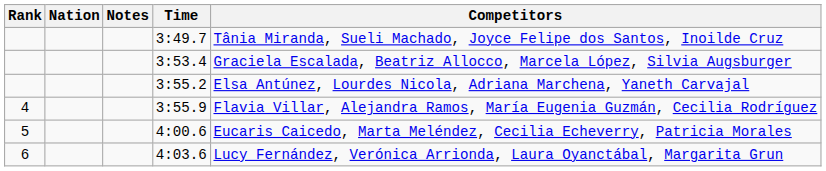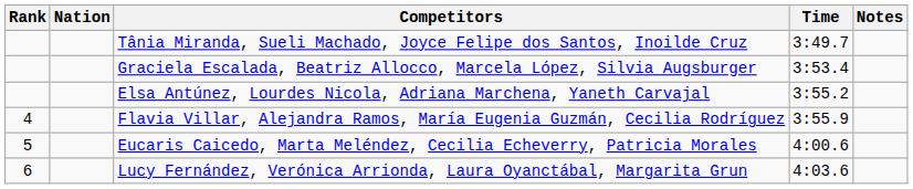 <table class="wikitable sortable" style="text-align:center">
 <tr>
 <th>Rank</th>
 <th>Nation</th>
+<th>Competitors</th>
+<th>Time</th>
 <th>Notes</th>
-<th>Time</th>
-<th>Competitors</th>
 </tr>
 <tr>
 <td></td>
 <td align=left></td>
+<td align=left><a href='#'>Tânia Miranda</a>, <a href='#'>Sueli Machado</a>, <a href='#'>Joyce Felipe dos Santos</a>, <a href='#'>Inoilde Cruz</a></td>
+<td>3:49.7</td>
 <td></td>
-<td>3:49.7</td>
-<td align=left><a href='#'>Tânia Miranda</a>, <a href='#'>Sueli Machado</a>, <a href='#'>Joyce Felipe dos Santos</a>, <a href='#'>Inoilde Cruz</a></td>
 </tr>
 <tr>
 <td></td>
 <td align=left></td>
+<td align=left><a href='#'>Graciela Escalada</a>, <a href='#'>Beatriz Allocco</a>, <a href='#'>Marcela López</a>, <a href='#'>Silvia Augsburger</a></td>
+<td>3:53.4</td>
 <td></td>
-<td>3:53.4</td>
-<td align=left><a href='#'>Graciela Escalada</a>, <a href='#'>Beatriz Allocco</a>, <a href='#'>Marcela López</a>, <a href='#'>Silvia Augsburger</a></td>
 </tr>
 <tr>
 <td></td>
 <td align=left></td>
+<td align=left><a href='#'>Elsa Antúnez</a>, <a href='#'>Lourdes Nicola</a>, <a href='#'>Adriana Marchena</a>, <a href='#'>Yaneth Carvajal</a></td>
+<td>3:55.2</td>
 <td></td>
-<td>3:55.2</td>
-<td align=left><a href='#'>Elsa Antúnez</a>, <a href='#'>Lourdes Nicola</a>, <a href='#'>Adriana Marchena</a>, <a href='#'>Yaneth Carvajal</a></td>
 </tr>
 <tr>
 <td>4</td>
 <td align=left></td>
+<td align=left><a href='#'>Flavia Villar</a>, <a href='#'>Alejandra Ramos</a>, <a href='#'>María Eugenia Guzmán</a>, <a href='#'>Cecilia Rodríguez</a></td>
+<td>3:55.9</td>
 <td></td>
-<td>3:55.9</td>
-<td align=left><a href='#'>Flavia Villar</a>, <a href='#'>Alejandra Ramos</a>, <a href='#'>María Eugenia Guzmán</a>, <a href='#'>Cecilia Rodríguez</a></td>
 </tr>
 <tr>
 <td>5</td>
 <td align=left></td>
+<td align=left><a href='#'>Eucaris Caicedo</a>, <a href='#'>Marta Meléndez</a>, <a href='#'>Cecilia Echeverry</a>, <a href='#'>Patricia Morales</a></td>
+<td>4:00.6</td>
 <td></td>
-<td>4:00.6</td>
-<td align=left><a href='#'>Eucaris Caicedo</a>, <a href='#'>Marta Meléndez</a>, <a href='#'>Cecilia Echeverry</a>, <a href='#'>Patricia Morales</a></td>
 </tr>
 <tr>
 <td>6</td>
 <td align=left></td>
+<td align=left><a href='#'>Lucy Fernández</a>, <a href='#'>Verónica Arrionda</a>, <a href='#'>Laura Oyanctábal</a>, <a href='#'>Margarita Grun</a></td>
+<td>4:03.6</td>
 <td></td>
-<td>4:03.6</td>
-<td align=left><a href='#'>Lucy Fernández</a>, <a href='#'>Verónica Arrionda</a>, <a href='#'>Laura Oyanctábal</a>, <a href='#'>Margarita Grun</a></td>
 </tr>
 </table>
